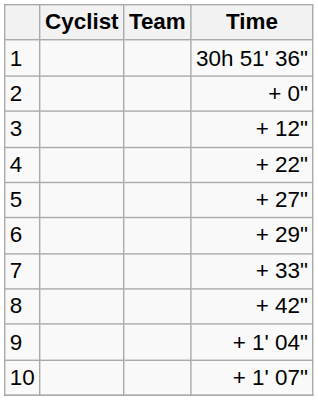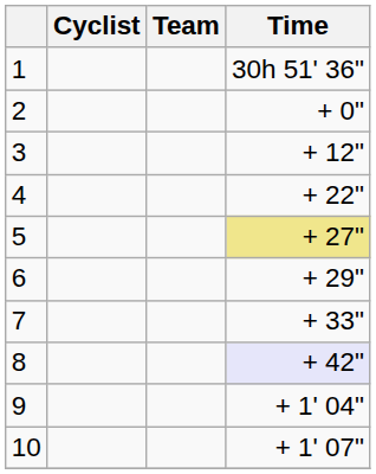 <table class="wikitable">
 <tr>
 <th></th>
 <th>Cyclist</th>
 <th>Team</th>
 <th>Time</th>
 </tr>
 <tr>
 <td>1</td>
 <td></td>
 <td></td>
 <td align="right">30h 51' 36"</td>
 </tr>
 <tr>
 <td>2</td>
 <td></td>
 <td></td>
 <td align="right">+ 0"</td>
 </tr>
 <tr>
 <td>3</td>
 <td></td>
 <td></td>
 <td align="right">+ 12"</td>
 </tr>
 <tr>
 <td>4</td>
 <td></td>
 <td></td>
 <td align="right">+ 22"</td>
 </tr>
 <tr>
 <td>5</td>
 <td> </td>
 <td></td>
-<td align="right">+ 27"</td>
+<td align="right" style="background: khaki;">+ 27"</td>
 </tr>
 <tr>
 <td>6</td>
 <td></td>
 <td></td>
 <td align="right">+ 29"</td>
 </tr>
 <tr>
 <td>7</td>
 <td></td>
 <td></td>
 <td align="right">+ 33"</td>
 </tr>
 <tr>
 <td>8</td>
 <td></td>
 <td></td>
-<td align="right">+ 42"</td>
+<td align="right" style="background: lavender;">+ 42"</td>
 </tr>
 <tr>
 <td>9</td>
 <td></td>
 <td></td>
 <td align="right">+ 1' 04"</td>
 </tr>
 <tr>
 <td>10</td>
 <td></td>
 <td></td>
 <td align="right">+ 1' 07"</td>
 </tr>
 <tr>
 </tr>
 </table>
